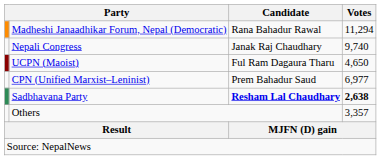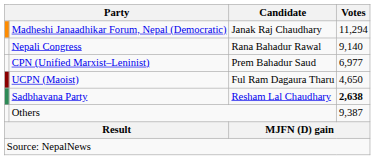 <table class="wikitable">
 <tr>
 <th colspan="2">Party</th>
 <th>Candidate</th>
 <th>Votes</th>
 </tr>
 <tr>
 <td style="background-color:darkorange"></td>
 <td><a href='#'>Madheshi Janaadhikar Forum, Nepal (Democratic)</a></td>
-<td>Rana Bahadur Rawal</td>
+<td>Janak Raj Chaudhary</td>
 <td>11,294</td>
 </tr>
 <tr>
 <td style="background-color:"></td>
 <td><a href='#'>Nepali Congress</a></td>
-<td>Janak Raj Chaudhary</td>
-<td>9,740</td>
+<td>Rana Bahadur Rawal</td>
+<td>9,140</td>
+</tr>
+<tr>
+<td style="background-color:"></td>
+<td><a href='#'>CPN (Unified Marxist–Leninist)</a></td>
+<td>Prem Bahadur Saud</td>
+<td>6,977</td>
 </tr>
 <tr>
 <td style="background-color:darkred"></td>
 <td><a href='#'>UCPN (Maoist)</a></td>
 <td>Ful Ram Dagaura Tharu</td>
 <td>4,650</td>
 </tr>
 <tr>
-<td style="background-color:"></td>
-<td><a href='#'>CPN (Unified Marxist–Leninist)</a></td>
-<td>Prem Bahadur Saud</td>
-<td>6,977</td>
-</tr>
-<tr>
 <td style="background-color:seagreen"></td>
 <td><a href='#'>Sadbhavana Party</a></td>
-<td><strong><a href='#'>Resham Lal Chaudhary</a></strong></td>
+<td><a href='#'>Resham Lal Chaudhary</a></td>
 <td><strong>2,638</strong></td>
 </tr>
 <tr>
 <td></td>
 <td colspan="2">Others</td>
-<td>3,357</td>
+<td>9,387</td>
 </tr>
 <tr>
 <th colspan="2">Result</th>
 <th colspan="2">MJFN (D) gain</th>
 </tr>
 <tr>
 <td colspan="4">Source: NepalNews</td>
 </tr>
 </table>
